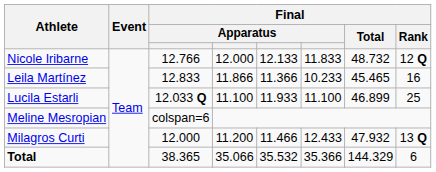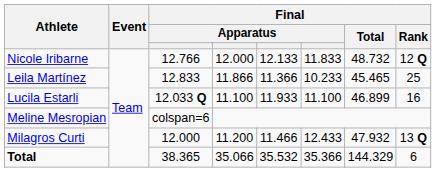 <table class="wikitable" style="font-size:90%">
 <tr>
 <th rowspan=3>Athlete</th>
 <th rowspan=3>Event</th>
 <th colspan=6>Final</th>
 </tr>
 <tr style="font-size:95%">
 <th colspan=4>Apparatus</th>
 <th rowspan=2>Total</th>
 <th rowspan=2>Rank</th>
 </tr>
 <tr style="font-size:95%">
 <th></th>
 <th></th>
 <th></th>
 <th></th>
 </tr>
 <tr align=center>
 <td align=left><a href='#'>Nicole Iribarne</a></td>
 <td style="text-align:left;" rowspan="6"><a href='#'>Team</a></td>
 <td>12.766</td>
 <td>12.000</td>
 <td>12.133</td>
 <td>11.833</td>
 <td>48.732</td>
 <td>12 <strong>Q</strong></td>
 </tr>
 <tr align=center>
 <td align=left><a href='#'>Leila Martínez</a></td>
 <td>12.833</td>
 <td>11.866</td>
 <td>11.366</td>
 <td>10.233</td>
 <td>45.465</td>
-<td>16</td>
+<td>25</td>
 </tr>
 <tr align=center>
 <td align=left><a href='#'>Lucila Estarli</a></td>
 <td>12.033 <strong>Q</strong></td>
 <td>11.100</td>
 <td>11.933</td>
 <td>11.100</td>
 <td>46.899</td>
-<td>25</td>
+<td>16</td>
 </tr>
 <tr align=center>
 <td align=left><a href='#'>Meline Mesropian</a></td>
 <td>colspan=6 </td>
 </tr>
 <tr align=center>
 <td align=left><a href='#'>Milagros Curti</a></td>
 <td>12.000</td>
 <td>11.200</td>
 <td>11.466</td>
 <td>12.433</td>
 <td>47.932</td>
 <td>13 <strong>Q</strong></td>
 </tr>
 <tr align=center>
 <td align=left><strong>Total</strong></td>
 <td>38.365</td>
 <td>35.066</td>
 <td>35.532</td>
 <td>35.366</td>
 <td>144.329</td>
 <td>6</td>
 </tr>
 </table>
